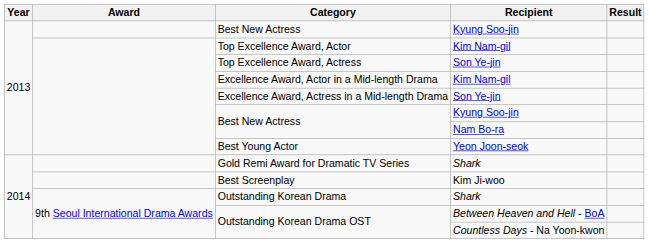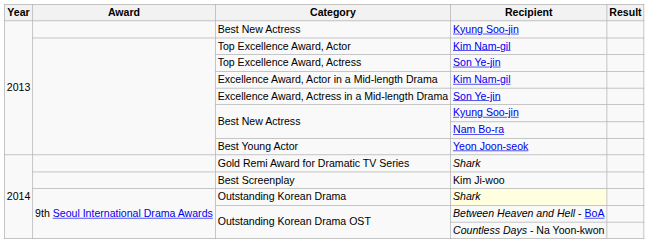 <table class="wikitable">
 <tr>
 <th>Year</th>
 <th>Award</th>
 <th>Category</th>
 <th>Recipient</th>
 <th>Result</th>
 </tr>
 <tr>
 <td rowspan="8">2013</td>
 <td></td>
 <td>Best New Actress</td>
 <td><a href='#'>Kyung Soo-jin</a></td>
 <td></td>
 </tr>
 <tr>
 <td rowspan="7"></td>
 <td>Top Excellence Award, Actor</td>
 <td><a href='#'>Kim Nam-gil</a></td>
 <td></td>
 </tr>
 <tr>
 <td>Top Excellence Award, Actress</td>
 <td><a href='#'>Son Ye-jin</a></td>
 <td></td>
 </tr>
 <tr>
 <td>Excellence Award, Actor in a Mid-length Drama</td>
 <td><a href='#'>Kim Nam-gil</a></td>
 <td></td>
 </tr>
 <tr>
 <td>Excellence Award, Actress in a Mid-length Drama</td>
 <td><a href='#'>Son Ye-jin</a></td>
 <td></td>
 </tr>
 <tr>
 <td rowspan="2">Best New Actress</td>
 <td><a href='#'>Kyung Soo-jin</a></td>
 <td></td>
 </tr>
 <tr>
 <td><a href='#'>Nam Bo-ra</a></td>
 <td></td>
 </tr>
 <tr>
 <td>Best Young Actor</td>
 <td><a href='#'>Yeon Joon-seok</a></td>
 <td></td>
 </tr>
 <tr>
 <td rowspan="5">2014</td>
 <td></td>
 <td>Gold Remi Award for Dramatic TV Series</td>
 <td><em>Shark</em></td>
 <td></td>
 </tr>
 <tr>
 <td></td>
 <td>Best Screenplay</td>
 <td>Kim Ji-woo</td>
 <td></td>
 </tr>
 <tr>
 <td rowspan="3" style="text-align:center;">9th <a href='#'>Seoul International Drama Awards</a></td>
 <td>Outstanding Korean Drama</td>
-<td><em>Shark</em></td>
+<td style="background: lightyellow;"><em>Shark</em></td>
 <td></td>
 </tr>
 <tr>
 <td rowspan="2">Outstanding Korean Drama OST</td>
 <td><em>Between Heaven and Hell</em> - <a href='#'>BoA</a></td>
 <td></td>
 </tr>
 <tr>
 <td><em>Countless Days</em> - Na Yoon-kwon</td>
 <td></td>
 </tr>
 </table>
